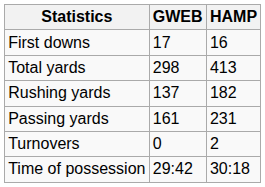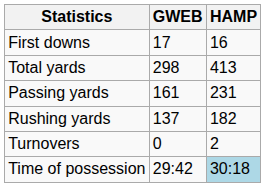 <table class="wikitable" style="float: left;">
 <tr>
 <th>Statistics</th>
 <th>GWEB</th>
 <th>HAMP</th>
 </tr>
 <tr>
 <td>First downs</td>
 <td>17</td>
 <td>16</td>
 </tr>
 <tr>
 <td>Total yards</td>
 <td>298</td>
 <td>413</td>
 </tr>
 <tr>
+<td>Passing yards</td>
+<td>161</td>
+<td>231</td>
+</tr>
+<tr>
 <td>Rushing yards</td>
 <td>137</td>
 <td>182</td>
-</tr>
-<tr>
-<td>Passing yards</td>
-<td>161</td>
-<td>231</td>
 </tr>
 <tr>
 <td>Turnovers</td>
 <td>0</td>
 <td>2</td>
 </tr>
 <tr>
 <td>Time of possession</td>
 <td>29:42</td>
-<td>30:18</td>
+<td style="background: lightblue;">30:18</td>
 </tr>
 <tr>
 </tr>
 </table>
